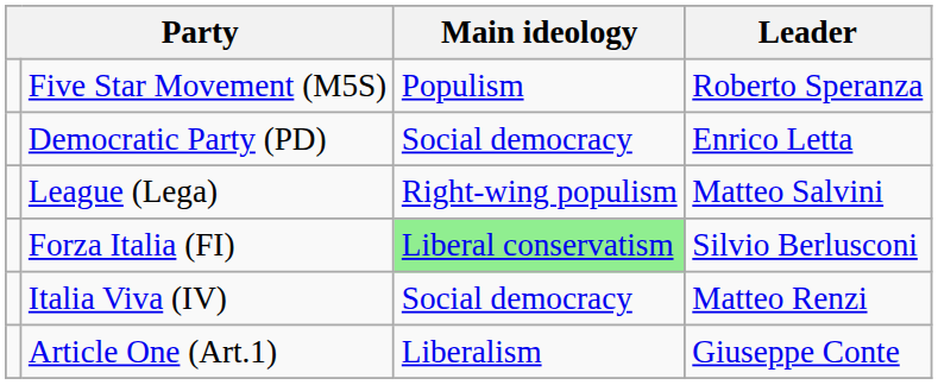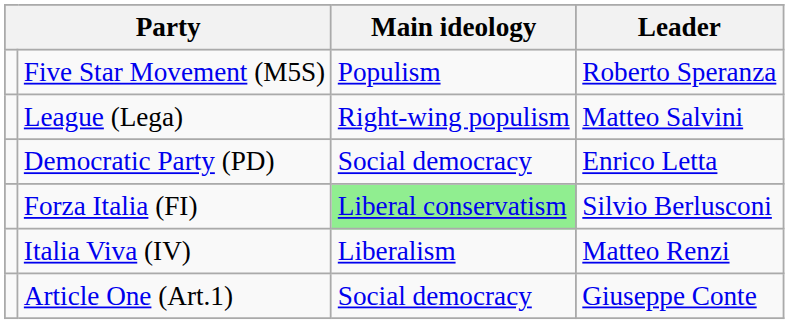 <table class="wikitable" style="font-size:95%">
 <tr>
 <th colspan=2>Party</th>
 <th>Main ideology</th>
 <th>Leader</th>
 </tr>
 <tr>
 <td style="color:inherit;background:"></td>
 <td><a href='#'>Five Star Movement</a> (M5S)</td>
 <td><a href='#'>Populism</a></td>
 <td><a href='#'>Roberto Speranza</a></td>
 </tr>
 <tr>
 <td style="color:inherit;background:"></td>
+<td><a href='#'>League</a> (Lega)</td>
+<td><a href='#'>Right-wing populism</a></td>
+<td><a href='#'>Matteo Salvini</a></td>
+</tr>
+<tr>
+<td style="color:inherit;background:"></td>
 <td><a href='#'>Democratic Party</a> (PD)</td>
 <td><a href='#'>Social democracy</a></td>
 <td><a href='#'>Enrico Letta</a></td>
-</tr>
-<tr>
-<td style="color:inherit;background:"></td>
-<td><a href='#'>League</a> (Lega)</td>
-<td><a href='#'>Right-wing populism</a></td>
-<td><a href='#'>Matteo Salvini</a></td>
 </tr>
 <tr>
 <td style="color:inherit;background:"></td>
 <td><a href='#'>Forza Italia</a> (FI)</td>
 <td style="background: lightgreen;"><a href='#'>Liberal conservatism</a></td>
 <td><a href='#'>Silvio Berlusconi</a></td>
 </tr>
 <tr>
 <td style="color:inherit;background:"></td>
 <td><a href='#'>Italia Viva</a> (IV)</td>
-<td><a href='#'>Social democracy</a></td>
+<td><a href='#'>Liberalism</a></td>
 <td><a href='#'>Matteo Renzi</a></td>
 </tr>
 <tr>
 <td style="color:inherit;background:"></td>
 <td><a href='#'>Article One</a> (Art.1)</td>
-<td><a href='#'>Liberalism</a></td>
+<td><a href='#'>Social democracy</a></td>
 <td><a href='#'>Giuseppe Conte</a></td>
 </tr>
 </table>
